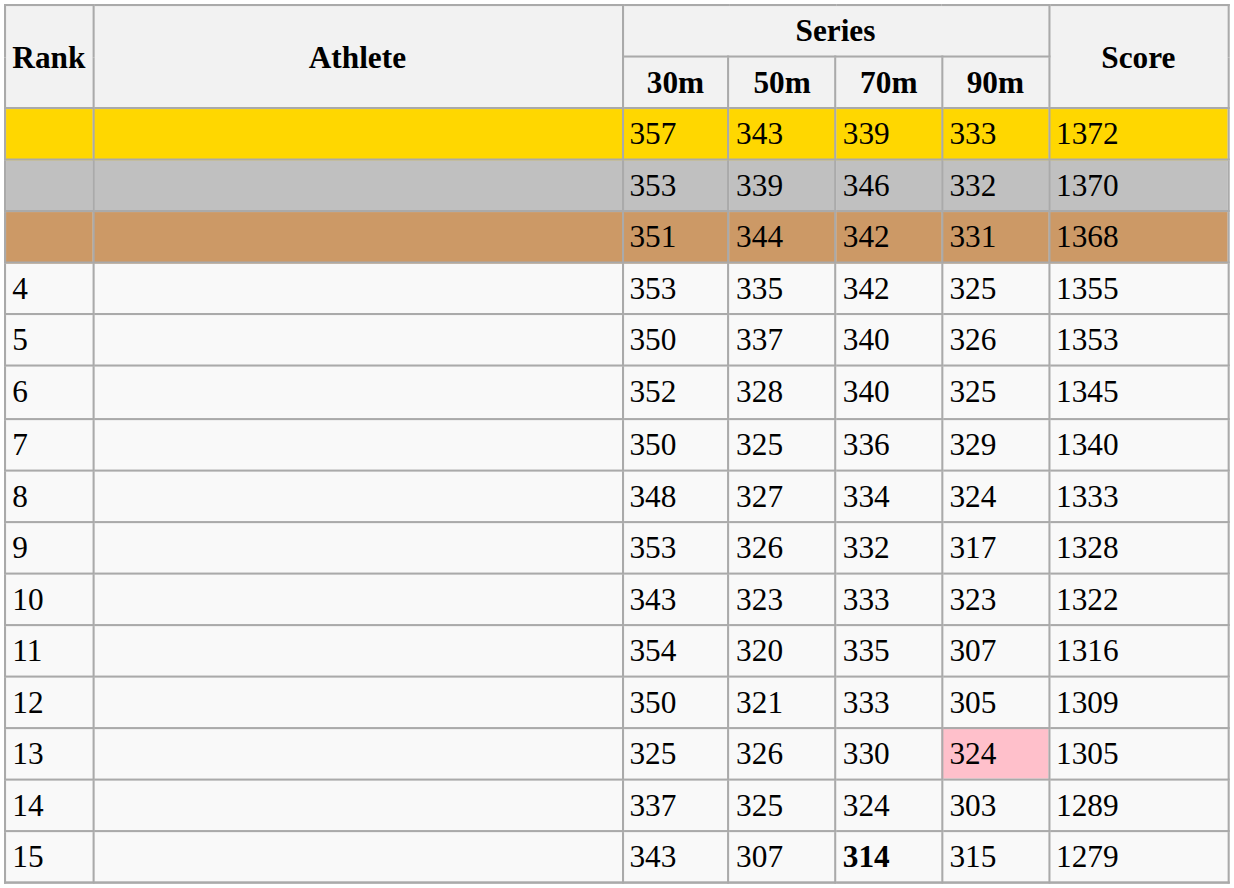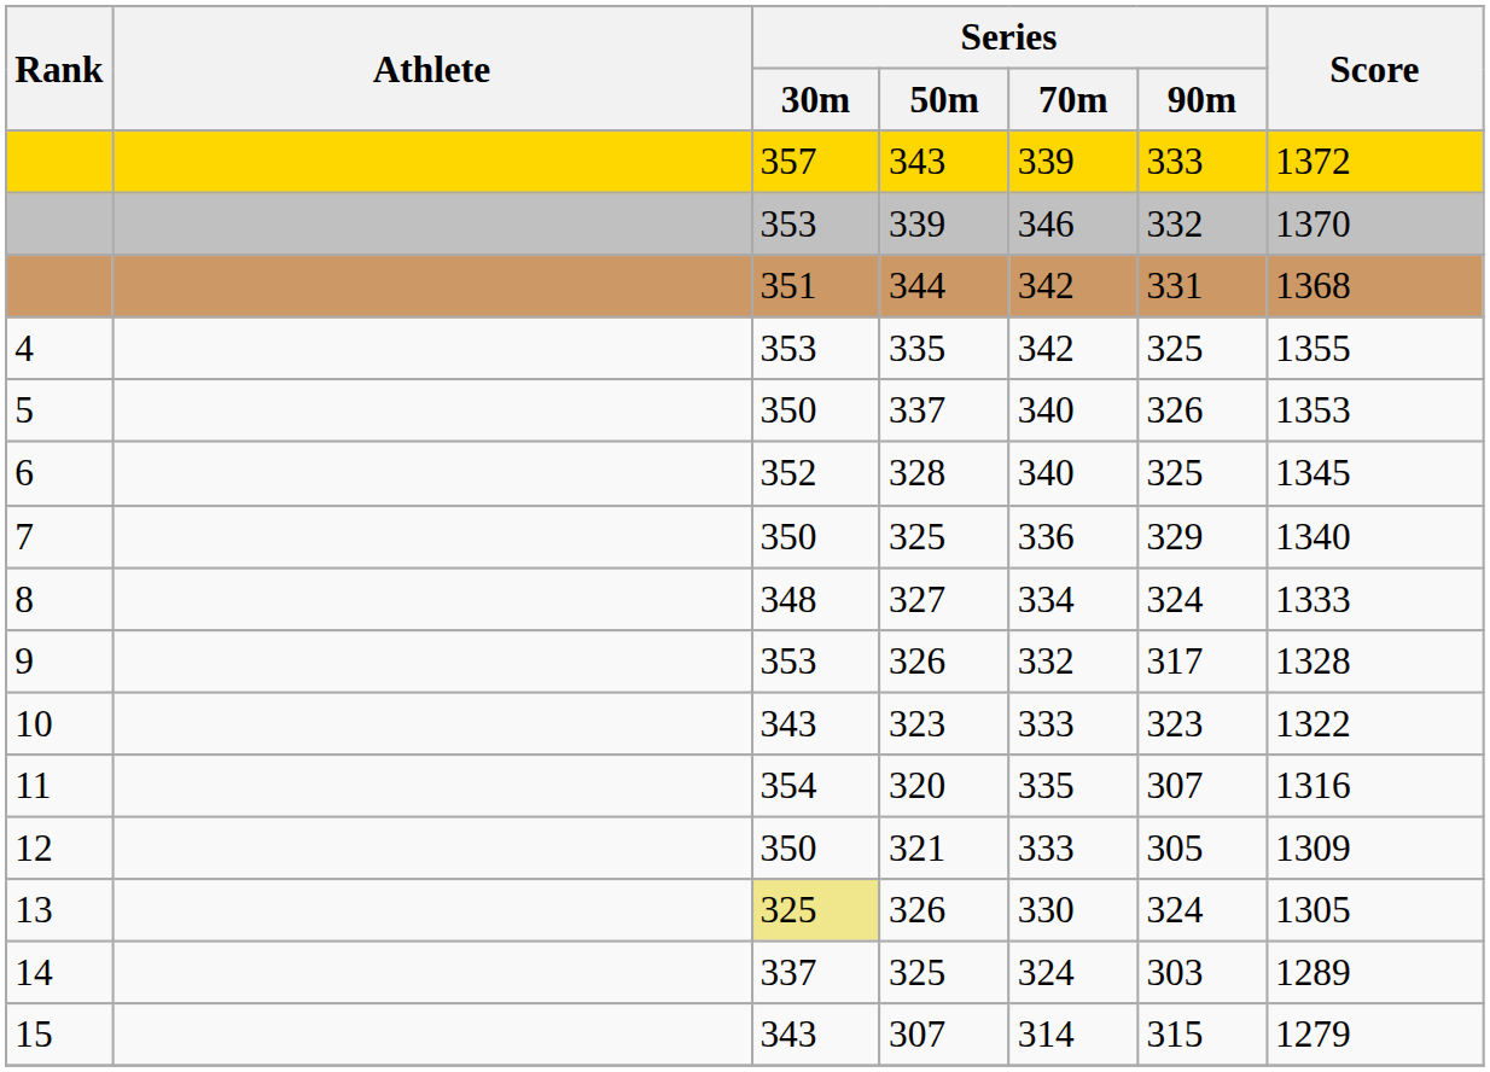 <table class="wikitable" style="font-size:95%" style="width:35em;" style="text-align:center">
 <tr>
 <th rowspan=2>Rank</th>
 <th rowspan=2 width=250>Athlete</th>
 <th colspan=4 width=200>Series</th>
 <th rowspan=2 width=80>Score</th>
 </tr>
 <tr>
 <th>30m</th>
 <th>50m</th>
 <th>70m</th>
 <th>90m</th>
 </tr>
 <tr bgcolor=gold>
 <td></td>
 <td align=left></td>
 <td>357</td>
 <td>343</td>
 <td>339</td>
 <td>333</td>
 <td>1372</td>
 </tr>
 <tr bgcolor=silver>
 <td></td>
 <td align=left></td>
 <td>353</td>
 <td>339</td>
 <td>346</td>
 <td>332</td>
 <td>1370</td>
 </tr>
 <tr bgcolor=cc9966>
 <td></td>
 <td align=left></td>
 <td>351</td>
 <td>344</td>
 <td>342</td>
 <td>331</td>
 <td>1368</td>
 </tr>
 <tr>
 <td>4</td>
 <td align=left></td>
 <td>353</td>
 <td>335</td>
 <td>342</td>
 <td>325</td>
 <td>1355</td>
 </tr>
 <tr>
 <td>5</td>
 <td align=left></td>
 <td>350</td>
 <td>337</td>
 <td>340</td>
 <td>326</td>
 <td>1353</td>
 </tr>
 <tr>
 <td>6</td>
 <td align=left></td>
 <td>352</td>
 <td>328</td>
 <td>340</td>
 <td>325</td>
 <td>1345</td>
 </tr>
 <tr>
 <td>7</td>
 <td align=left></td>
 <td>350</td>
 <td>325</td>
 <td>336</td>
 <td>329</td>
 <td>1340</td>
 </tr>
 <tr>
 <td>8</td>
 <td align=left></td>
 <td>348</td>
 <td>327</td>
 <td>334</td>
 <td>324</td>
 <td>1333</td>
 </tr>
 <tr>
 <td>9</td>
 <td align=left></td>
 <td>353</td>
 <td>326</td>
 <td>332</td>
 <td>317</td>
 <td>1328</td>
 </tr>
 <tr>
 <td>10</td>
 <td align=left></td>
 <td>343</td>
 <td>323</td>
 <td>333</td>
 <td>323</td>
 <td>1322</td>
 </tr>
 <tr>
 <td>11</td>
 <td align=left></td>
 <td>354</td>
 <td>320</td>
 <td>335</td>
 <td>307</td>
 <td>1316</td>
 </tr>
 <tr>
 <td>12</td>
 <td align=left></td>
 <td>350</td>
 <td>321</td>
 <td>333</td>
 <td>305</td>
 <td>1309</td>
 </tr>
 <tr>
 <td>13</td>
 <td align=left></td>
-<td>325</td>
+<td style="background: khaki;">325</td>
 <td>326</td>
 <td>330</td>
-<td style="background: pink;">324</td>
+<td>324</td>
 <td>1305</td>
 </tr>
 <tr>
 <td>14</td>
 <td align=left></td>
 <td>337</td>
 <td>325</td>
 <td>324</td>
 <td>303</td>
 <td>1289</td>
 </tr>
 <tr>
 <td>15</td>
 <td align=left></td>
 <td>343</td>
 <td>307</td>
-<td><strong>314</strong></td>
+<td>314</td>
 <td>315</td>
 <td>1279</td>
 </tr>
 <tr>
 </tr>
 </table>
